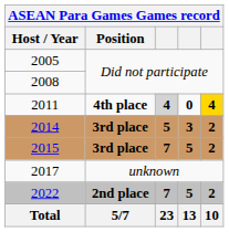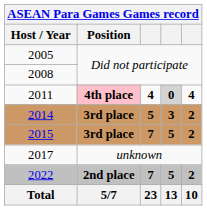 <table class="wikitable" style="text-align: center;">
 <tr>
 <th colspan=9><a href='#'>ASEAN Para Games Games record</a></th>
 </tr>
 <tr>
 <th>Host / Year</th>
 <th>Position</th>
 <th></th>
 <th></th>
 <th></th>
 </tr>
 <tr>
 <td> 2005</td>
 <td colspan=9 rowspan="2"><em>Did not participate</em></td>
 </tr>
 <tr>
 <td> 2008</td>
 </tr>
 <tr>
 <td> 2011</td>
-<td><strong>4th place</strong></td>
-<td style="background: lightgrey;"><strong>4</strong></td>
-<td><strong>0</strong></td>
-<td style="background: gold;"><strong>4</strong></td>
+<td style="background: pink;"><strong>4th place</strong></td>
+<td><strong>4</strong></td>
+<td style="background: lightgrey;"><strong>0</strong></td>
+<td><strong>4</strong></td>
 </tr>
 <tr style="background:#c96">
 <td> <a href='#'>2014</a></td>
 <td><strong>3rd place</strong></td>
 <td><strong>5</strong></td>
 <td><strong>3</strong></td>
 <td><strong>2</strong></td>
 </tr>
 <tr style="background:#c96">
 <td> <a href='#'>2015</a></td>
 <td><strong>3rd place</strong></td>
 <td><strong>7</strong></td>
 <td><strong>5</strong></td>
 <td><strong>2</strong></td>
 </tr>
 <tr>
 <td> 2017</td>
 <td colspan=9><em>unknown</em></td>
 </tr>
 <tr style="background:Silver">
 <td> <a href='#'>2022</a></td>
 <td><strong>2nd place</strong></td>
 <td><strong>7</strong></td>
 <td><strong>5</strong></td>
 <td><strong>2</strong></td>
 </tr>
 <tr>
 <th>Total</th>
 <th>5/7</th>
 <th>23</th>
 <th>13</th>
 <th>10</th>
 </tr>
 </table>
